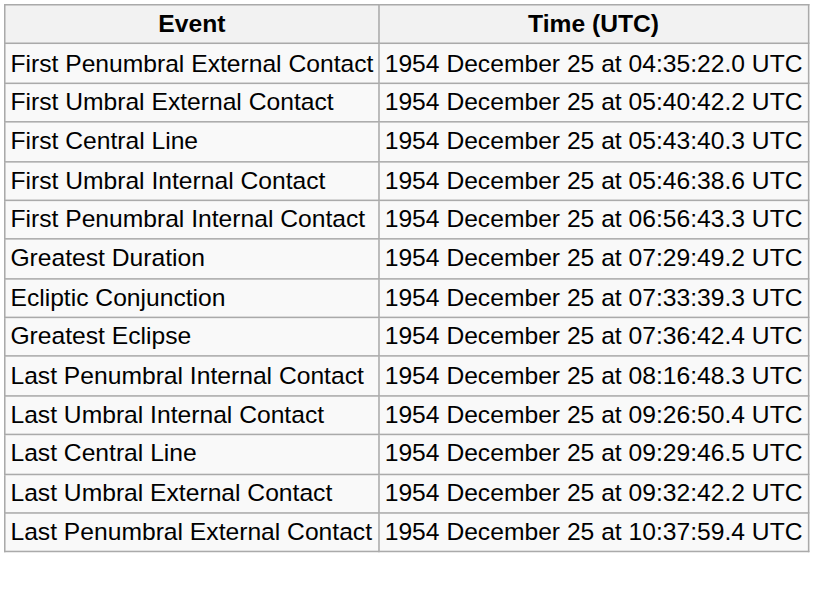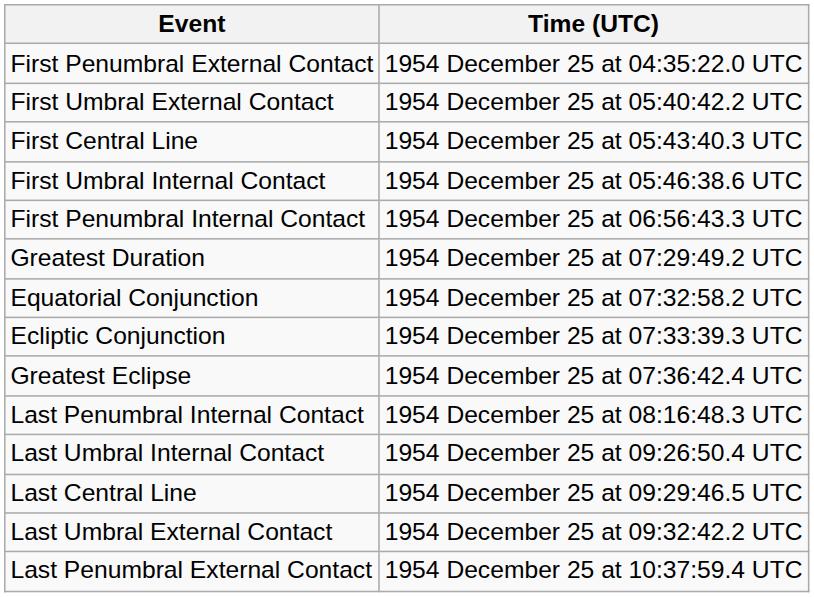 <table class="wikitable">
 <tr>
 <th>Event</th>
 <th>Time (UTC)</th>
 </tr>
 <tr>
 <td>First Penumbral External Contact</td>
 <td>1954 December 25 at 04:35:22.0 UTC</td>
 </tr>
 <tr>
 <td>First Umbral External Contact</td>
 <td>1954 December 25 at 05:40:42.2 UTC</td>
 </tr>
 <tr>
 <td>First Central Line</td>
 <td>1954 December 25 at 05:43:40.3 UTC</td>
 </tr>
 <tr>
 <td>First Umbral Internal Contact</td>
 <td>1954 December 25 at 05:46:38.6 UTC</td>
 </tr>
 <tr>
 <td>First Penumbral Internal Contact</td>
 <td>1954 December 25 at 06:56:43.3 UTC</td>
 </tr>
 <tr>
 <td>Greatest Duration</td>
 <td>1954 December 25 at 07:29:49.2 UTC</td>
 </tr>
 <tr>
+<td>Equatorial Conjunction</td>
+<td>1954 December 25 at 07:32:58.2 UTC</td>
+</tr>
+<tr>
 <td>Ecliptic Conjunction</td>
 <td>1954 December 25 at 07:33:39.3 UTC</td>
 </tr>
 <tr>
 <td>Greatest Eclipse</td>
 <td>1954 December 25 at 07:36:42.4 UTC</td>
 </tr>
 <tr>
 <td>Last Penumbral Internal Contact</td>
 <td>1954 December 25 at 08:16:48.3 UTC</td>
 </tr>
 <tr>
 <td>Last Umbral Internal Contact</td>
 <td>1954 December 25 at 09:26:50.4 UTC</td>
 </tr>
 <tr>
 <td>Last Central Line</td>
 <td>1954 December 25 at 09:29:46.5 UTC</td>
 </tr>
 <tr>
 <td>Last Umbral External Contact</td>
 <td>1954 December 25 at 09:32:42.2 UTC</td>
 </tr>
 <tr>
 <td>Last Penumbral External Contact</td>
 <td>1954 December 25 at 10:37:59.4 UTC</td>
 </tr>
 </table>
